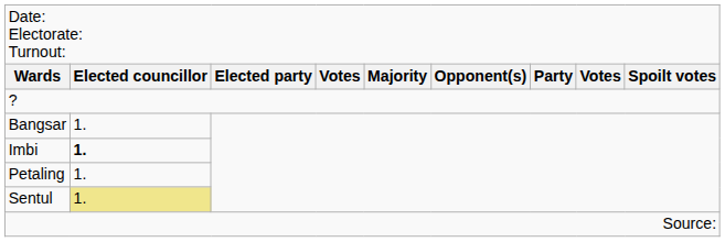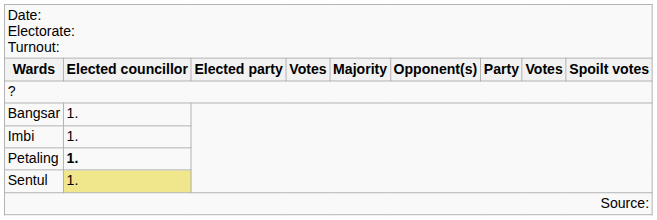 <table class=wikitable>
 <tr>
 <td colspan=9>Date: <br>Electorate: <br>Turnout:</td>
 </tr>
 <tr>
 <th>Wards</th>
 <th>Elected councillor</th>
 <th>Elected party</th>
 <th>Votes</th>
 <th>Majority</th>
 <th>Opponent(s)</th>
 <th>Party</th>
 <th>Votes</th>
 <th>Spoilt votes</th>
 </tr>
 <tr>
 <td colspan=9>? </td>
 </tr>
 <tr>
 <td>Bangsar</td>
 <td>1.</td>
 </tr>
 <tr>
 <td>Imbi</td>
-<td><strong>1.</strong></td>
+<td>1.</td>
 </tr>
 <tr>
 <td>Petaling</td>
-<td>1.</td>
+<td><strong>1.</strong></td>
 </tr>
 <tr>
 <td>Sentul</td>
 <td style="background: khaki;">1.</td>
 </tr>
 <tr>
 <td colspan=9 align=right>Source:</td>
 </tr>
 </table>
